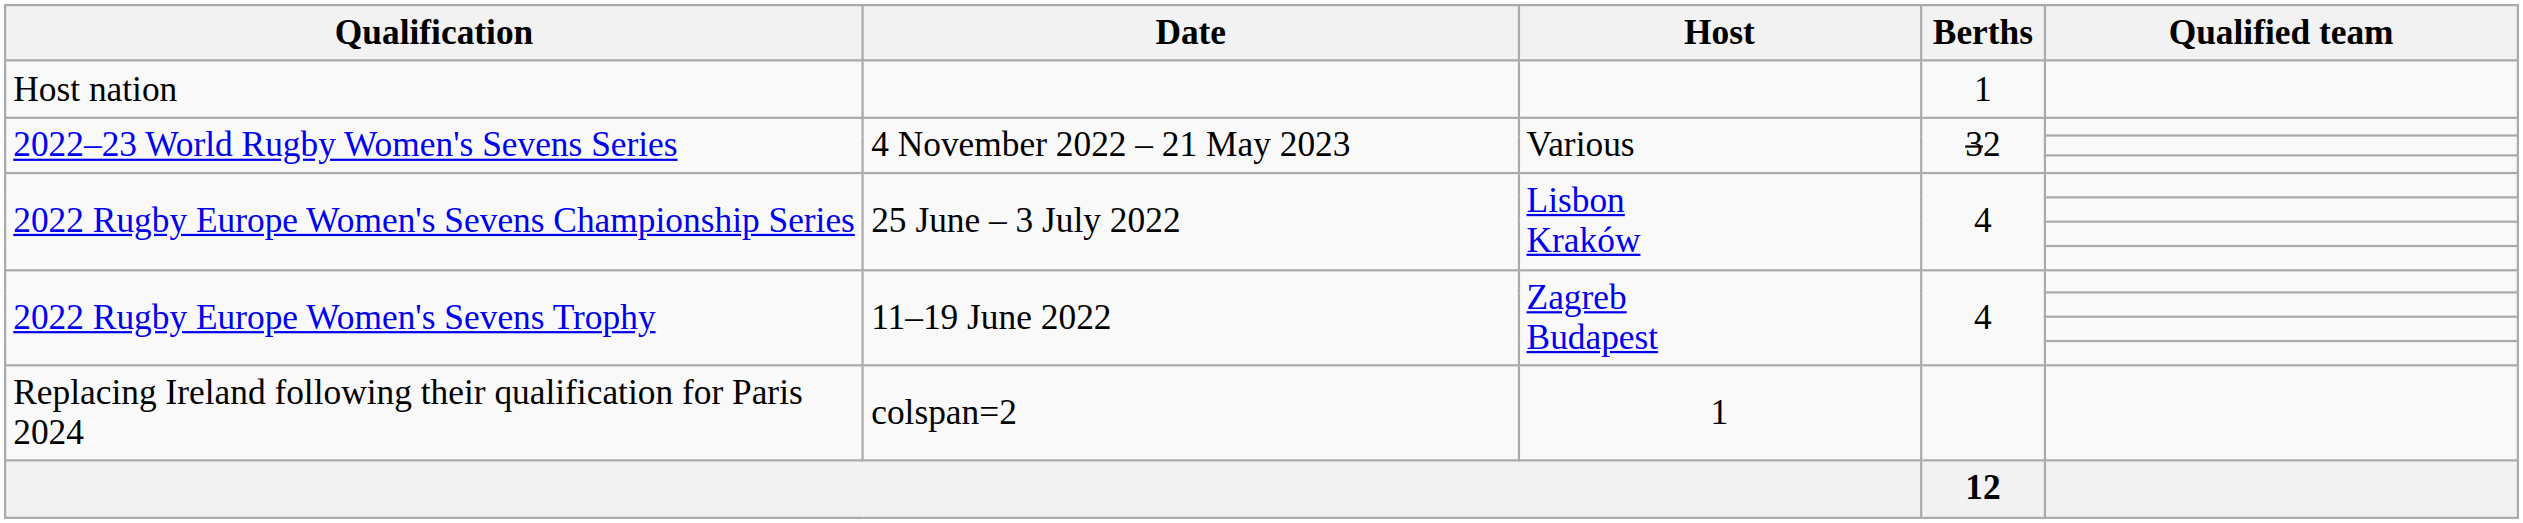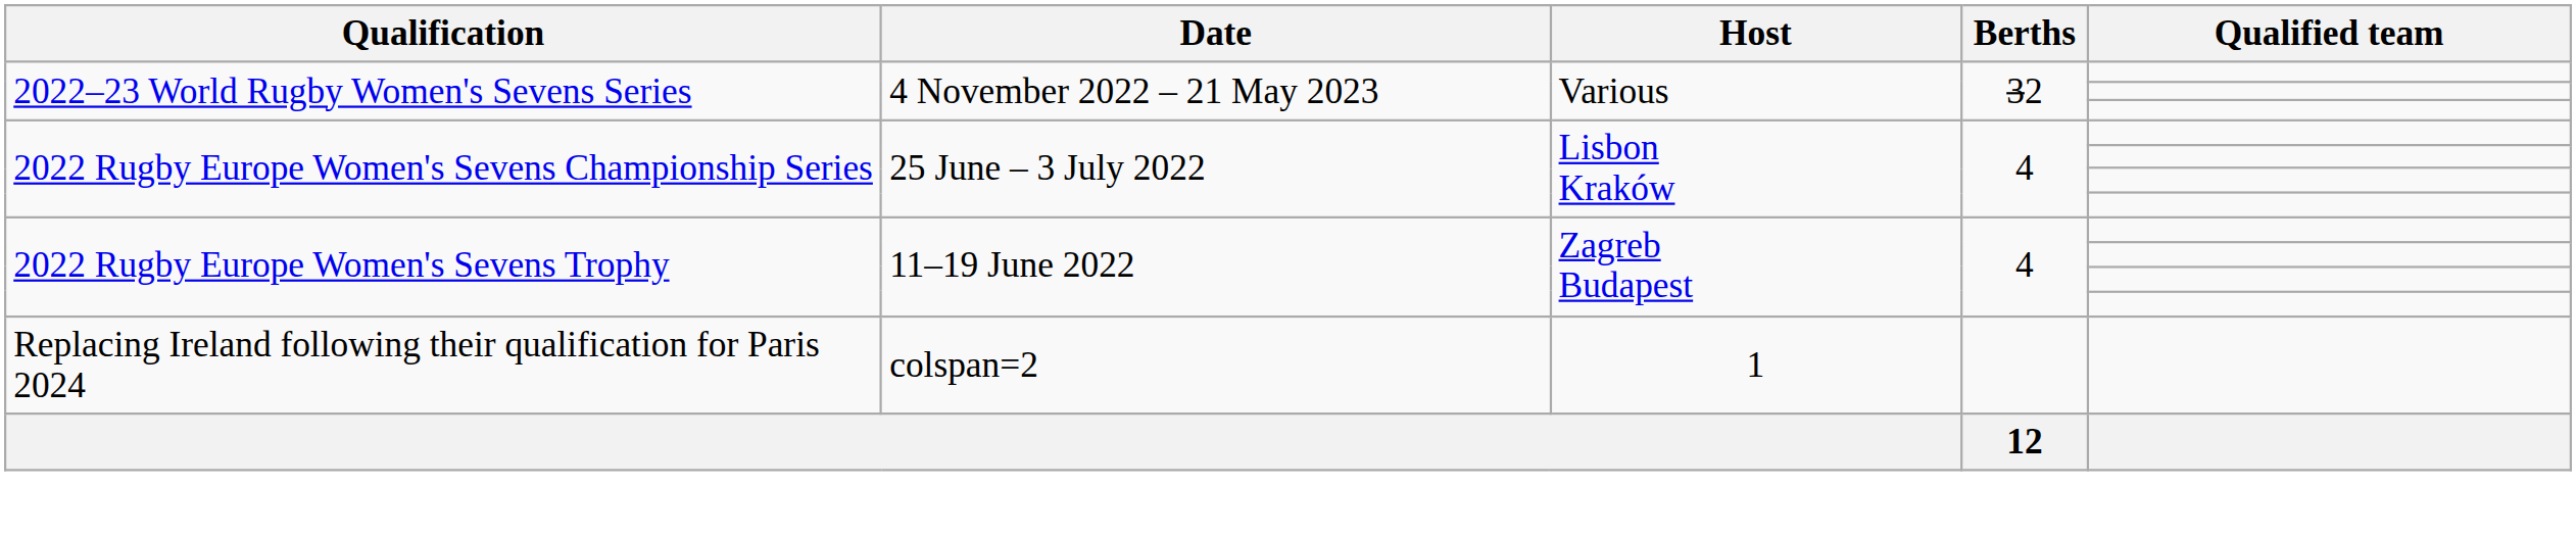 <table class="wikitable" width=90%>
 <tr>
 <th width=30%>Qualification</th>
 <th width=28%>Date</th>
 <th width=17%>Host</th>
 <th width=5%>Berths</th>
 <th width=40%>Qualified team</th>
-</tr>
-<tr>
-<td>Host nation</td>
-<td></td>
-<td></td>
-<td align=center>1</td>
-<td></td>
 </tr>
 <tr>
 <td rowspan="3"><a href='#'>2022–23 World Rugby Women's Sevens Series</a></td>
 <td rowspan="3">4 November 2022 – 21 May 2023</td>
 <td rowspan="3">Various</td>
 <td rowspan=3 align=center><s>3</s>2</td>
 <td></td>
 </tr>
 <tr>
 <td><s></s></td>
 </tr>
 <tr>
 <td></td>
 </tr>
 <tr>
 <td rowspan="4" nowrap><a href='#'>2022 Rugby Europe Women's Sevens Championship Series</a></td>
 <td rowspan="4">25 June – 3 July 2022</td>
 <td rowspan="4"> <a href='#'>Lisbon</a><br> <a href='#'>Kraków</a></td>
 <td rowspan=4 align=center>4</td>
 <td></td>
 </tr>
 <tr>
 <td></td>
 </tr>
 <tr>
 <td></td>
 </tr>
 <tr>
 <td></td>
 </tr>
 <tr>
 <td rowspan="4"><a href='#'>2022 Rugby Europe Women's Sevens Trophy</a></td>
 <td rowspan="4">11–19 June 2022</td>
 <td rowspan="4"> <a href='#'>Zagreb</a><br> <a href='#'>Budapest</a></td>
 <td rowspan=4 align=center>4</td>
 <td></td>
 </tr>
 <tr>
 <td></td>
 </tr>
 <tr>
 <td></td>
 </tr>
 <tr>
 <td></td>
 </tr>
 <tr>
 <td>Replacing Ireland following their qualification for Paris 2024</td>
 <td>colspan=2 </td>
 <td align=center>1</td>
 <td></td>
 </tr>
 <tr>
 <th colspan="3"></th>
 <th>12</th>
 <th></th>
 </tr>
 </table>
